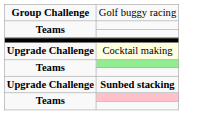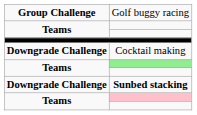 <table class="wikitable" style="text-align:center;">
 <tr>
 <td><strong>Group Challenge</strong></td>
 <td>Golf buggy racing</td>
 </tr>
 <tr>
 <td rowspan="2"><strong>Teams</strong></td>
 <td></td>
 </tr>
 <tr>
 <td></td>
 </tr>
 <tr>
 <td colspan="2" style="background:black;"></td>
 </tr>
 <tr>
-<td><strong>Upgrade Challenge</strong></td>
-<td style="background: lightyellow;">Cocktail making</td>
+<td><strong>Downgrade Challenge</strong></td>
+<td>Cocktail making</td>
 </tr>
 <tr>
 <td rowspan="2"><strong>Teams</strong></td>
 <td style="background:lightgreen;"></td>
 </tr>
 <tr>
 <td></td>
 </tr>
 <tr>
-<td><strong>Upgrade Challenge</strong></td>
+<td><strong>Downgrade Challenge</strong></td>
 <td><strong>Sunbed stacking</strong></td>
 </tr>
 <tr>
 <td rowspan="2"><strong>Teams</strong></td>
 <td style="background:pink;"></td>
 </tr>
 <tr>
 <td></td>
 </tr>
 </table>
